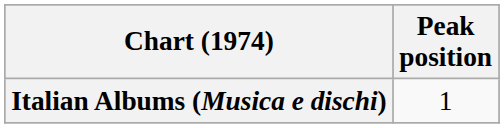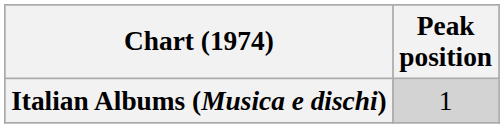 <table class="wikitable plainrowheaders" style="text-align:center">
 <tr>
 <th scope="col">Chart (1974)</th>
 <th scope="col">Peak<br>position</th>
 </tr>
 <tr>
 <th scope="row">Italian Albums (<em>Musica e dischi</em>)</th>
-<td>1</td>
+<td style="background: lightgrey;">1</td>
 </tr>
 </table>
